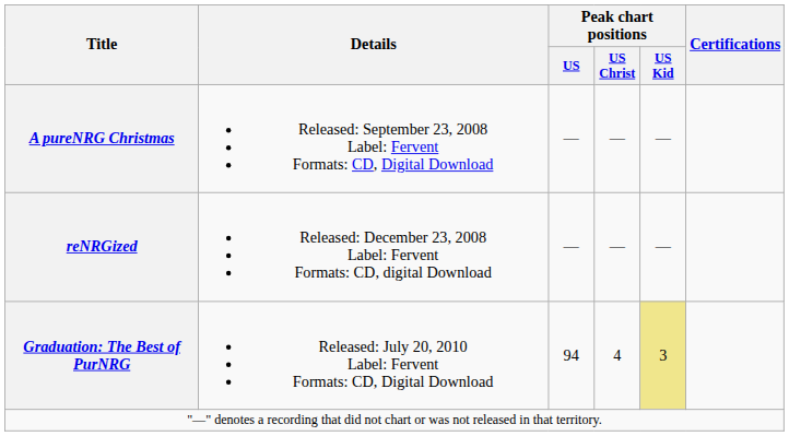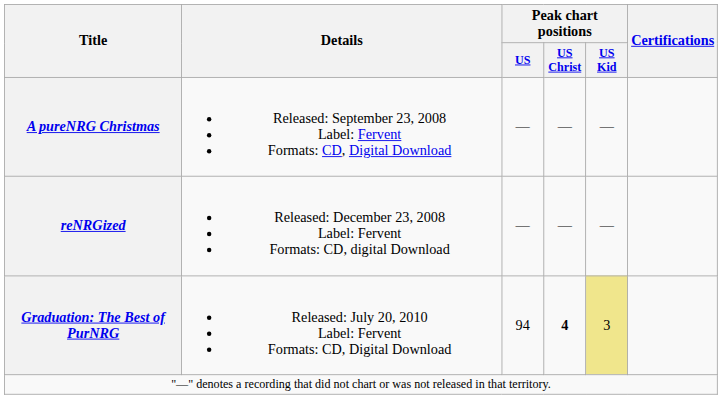 <table class="wikitable plainrowheaders" style="text-align:center;">
 <tr>
 <th rowspan="2" scope="col" style="width:12em;">Title</th>
 <th rowspan="2" scope="col" style="width:22em;">Details</th>
 <th colspan="3" scope="col">Peak chart positions</th>
 <th rowspan="2"><a href='#'>Certifications</a></th>
 </tr>
 <tr>
 <th scope="col" style="width:3em;font-size:85%;"><a href='#'>US</a><br></th>
 <th scope="col" style="width:3em;font-size:85%;"><a href='#'>US<br>Christ</a><br></th>
 <th scope="col" style="width:3em;font-size:85%;"><a href='#'>US<br>Kid</a><br></th>
 </tr>
 <tr>
 <th scope="row"><em><a href='#'>A pureNRG Christmas</a></em></th>
 <td><br><ul><li>Released: September 23, 2008</li><li>Label: <a href='#'>Fervent</a></li><li>Formats: <a href='#'>CD</a>, <a href='#'>Digital Download</a></li></ul></td>
 <td>—</td>
 <td>—</td>
 <td>—</td>
 <td></td>
 </tr>
 <tr>
 <th scope="row"><em><a href='#'>reNRGized</a></em></th>
 <td><br><ul><li>Released: December 23, 2008</li><li>Label: Fervent</li><li>Formats: CD, digital Download</li></ul></td>
 <td>—</td>
 <td>—</td>
 <td>—</td>
 <td></td>
 </tr>
 <tr>
 <th scope="row"><a href='#'><em>Graduation: The Best of PurNRG</em></a></th>
 <td><br><ul><li>Released: July 20, 2010</li><li>Label: Fervent</li><li>Formats: CD, Digital Download</li></ul></td>
 <td>94</td>
-<td>4</td>
+<td><strong>4</strong></td>
 <td style="background: khaki;">3</td>
 <td></td>
 </tr>
 <tr>
 <td colspan="16" style="font-size:85%">"—" denotes a recording that did not chart or was not released in that territory.</td>
 </tr>
 </table>
